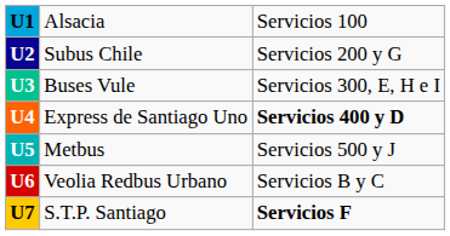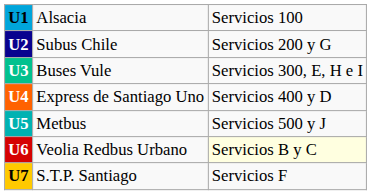 <table class="wikitable">
 <tr>
 <td bgcolor="#00a5db" style="color:black;"><strong>U1</strong></td>
 <td>Alsacia</td>
 <td>Servicios 100</td>
 </tr>
 <tr>
 <td bgcolor="#09028F" style="color:white;"><strong>U2</strong></td>
 <td>Subus Chile</td>
 <td>Servicios 200 y G</td>
 </tr>
 <tr>
 <td bgcolor="#01C18E" style="color:white;"><strong>U3</strong></td>
 <td>Buses Vule</td>
 <td>Servicios 300, E, H e I</td>
 </tr>
 <tr>
 <td bgcolor="#FF6200" style="color:white;"><strong>U4</strong></td>
 <td>Express de Santiago Uno</td>
-<td><strong>Servicios 400 y D</strong></td>
+<td>Servicios 400 y D</td>
 </tr>
 <tr>
 <td bgcolor="#00B2B2" style="color:white;"><strong>U5</strong></td>
 <td>Metbus</td>
 <td>Servicios 500 y J</td>
 </tr>
 <tr>
 <td bgcolor="#D50202" style="color:white;"><strong>U6</strong></td>
 <td>Veolia Redbus Urbano</td>
-<td>Servicios B y C</td>
+<td style="background: lightyellow;">Servicios B y C</td>
 </tr>
 <tr>
 <td bgcolor="#FFC900" style="color:black;"><strong>U7</strong></td>
 <td>S.T.P. Santiago</td>
-<td><strong>Servicios F</strong></td>
+<td>Servicios F</td>
 </tr>
 </table>
